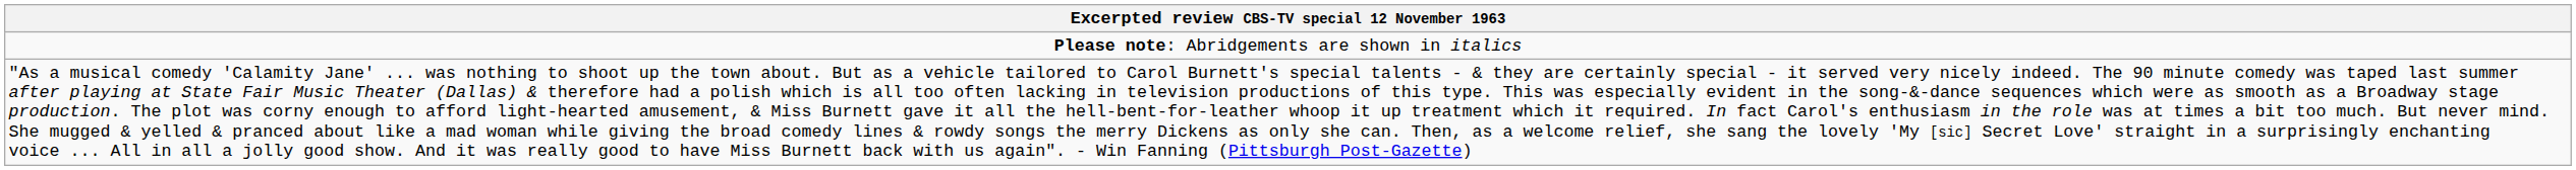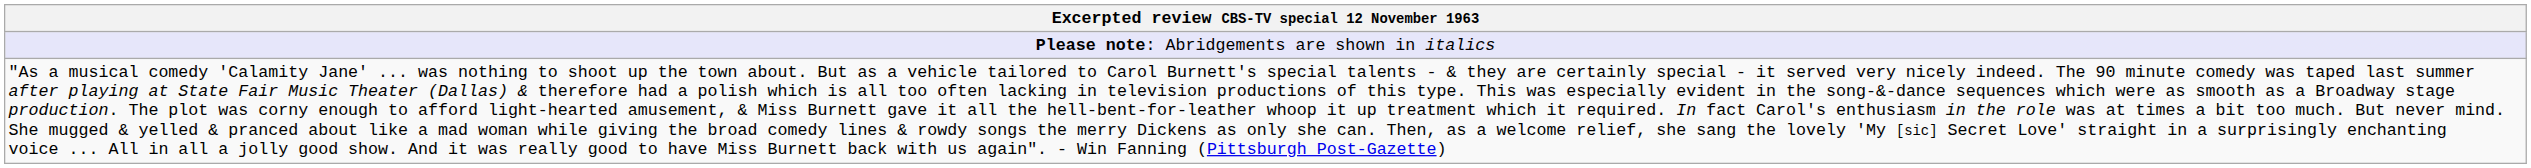 <table class="wikitable floatright collapsible collapsed">
 <tr>
 <th>Excerpted review <small>CBS-TV special 12 November 1963</small></th>
 </tr>
 <tr>
-<td style="text-align:center;"><strong>Please note</strong>: Abridgements are shown in <em>italics</em></td>
+<td style="background: lavender; text-align:center;"><strong>Please note</strong>: Abridgements are shown in <em>italics</em></td>
 </tr>
 <tr>
 <td>"As a musical comedy 'Calamity Jane' ... was nothing to shoot up the town about. But as a vehicle tailored to Carol Burnett's special talents - & they are certainly special - it served very nicely indeed. The 90 minute comedy was taped last summer <em>after playing at State Fair Music Theater (Dallas) &</em> therefore had a polish which is all too often lacking in television productions of this type. This was especially evident in the song-&-dance sequences which were as smooth as a Broadway stage <em>production</em>. The plot was corny enough to afford light-hearted amusement, & Miss Burnett gave it all the hell-bent-for-leather whoop it up treatment which it required. <em>In</em> fact Carol's enthusiasm <em>in the role</em> was at times a bit too much. But never mind. She mugged & yelled & pranced about like a mad woman while giving the broad comedy lines & rowdy songs the merry Dickens as only she can. Then, as a welcome relief, she sang the lovely 'My <small>[sic]</small> Secret Love' straight in a surprisingly enchanting voice ... All in all a jolly good show. And it was really good to have Miss Burnett back with us again". - Win Fanning (<a href='#'>Pittsburgh Post-Gazette</a>) </td>
 </tr>
 </table>
